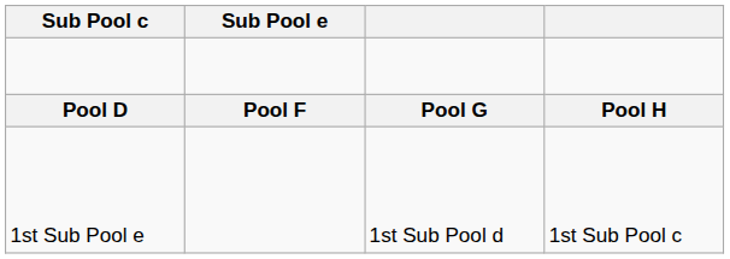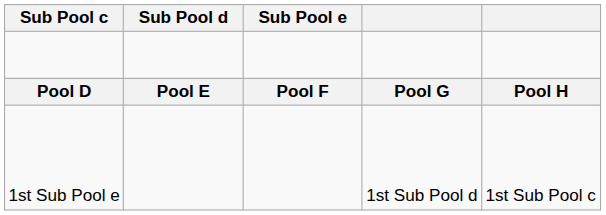 <table class="wikitable">
 <tr>
 <th width=20%>Sub Pool c</th>
+<th width=20%>Sub Pool d</th>
 <th width=20%>Sub Pool e</th>
 <th width=20%></th>
 <th width=20%></th>
 </tr>
 <tr>
 <td><br><br> </td>
 <td><br><br> </td>
+<td><br><br> </td>
 <td></td>
 <td></td>
 </tr>
 <tr>
 <th>Pool D</th>
+<th>Pool E</th>
 <th>Pool F</th>
 <th>Pool G</th>
 <th>Pool H</th>
 </tr>
 <tr>
 <td><br><br> <br> <br> 1st Sub Pool e</td>
 <td><br><br> <br> <br> </td>
+<td><br><br> <br> <br> </td>
 <td><br><br> <br> <br> 1st Sub Pool d</td>
 <td><br><br> <br> <br> 1st Sub Pool c</td>
 </tr>
 </table>
